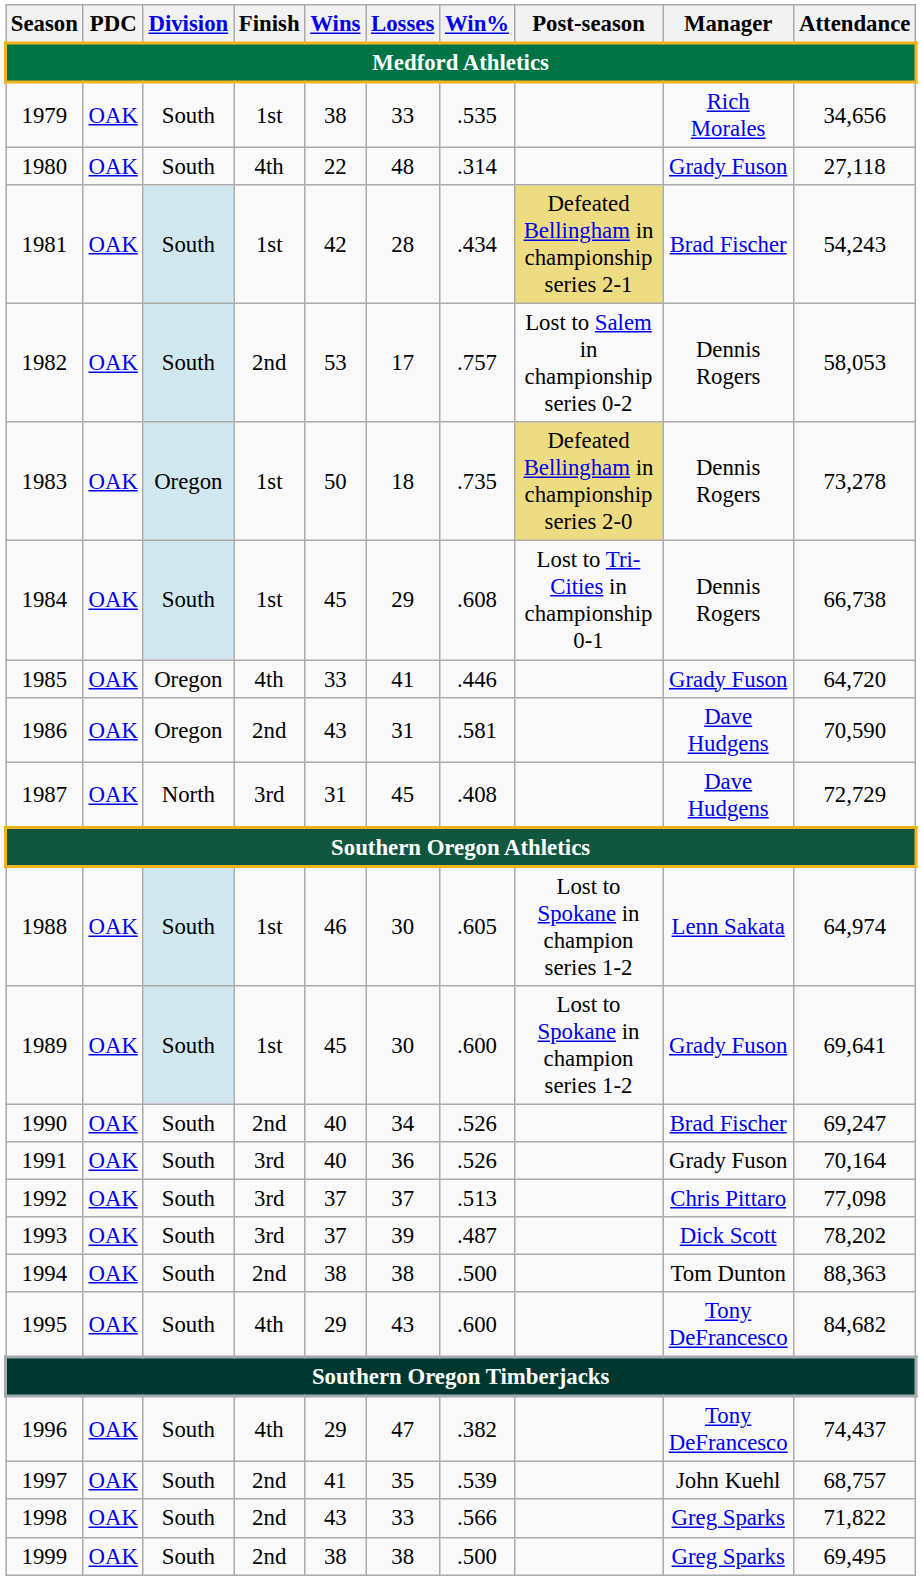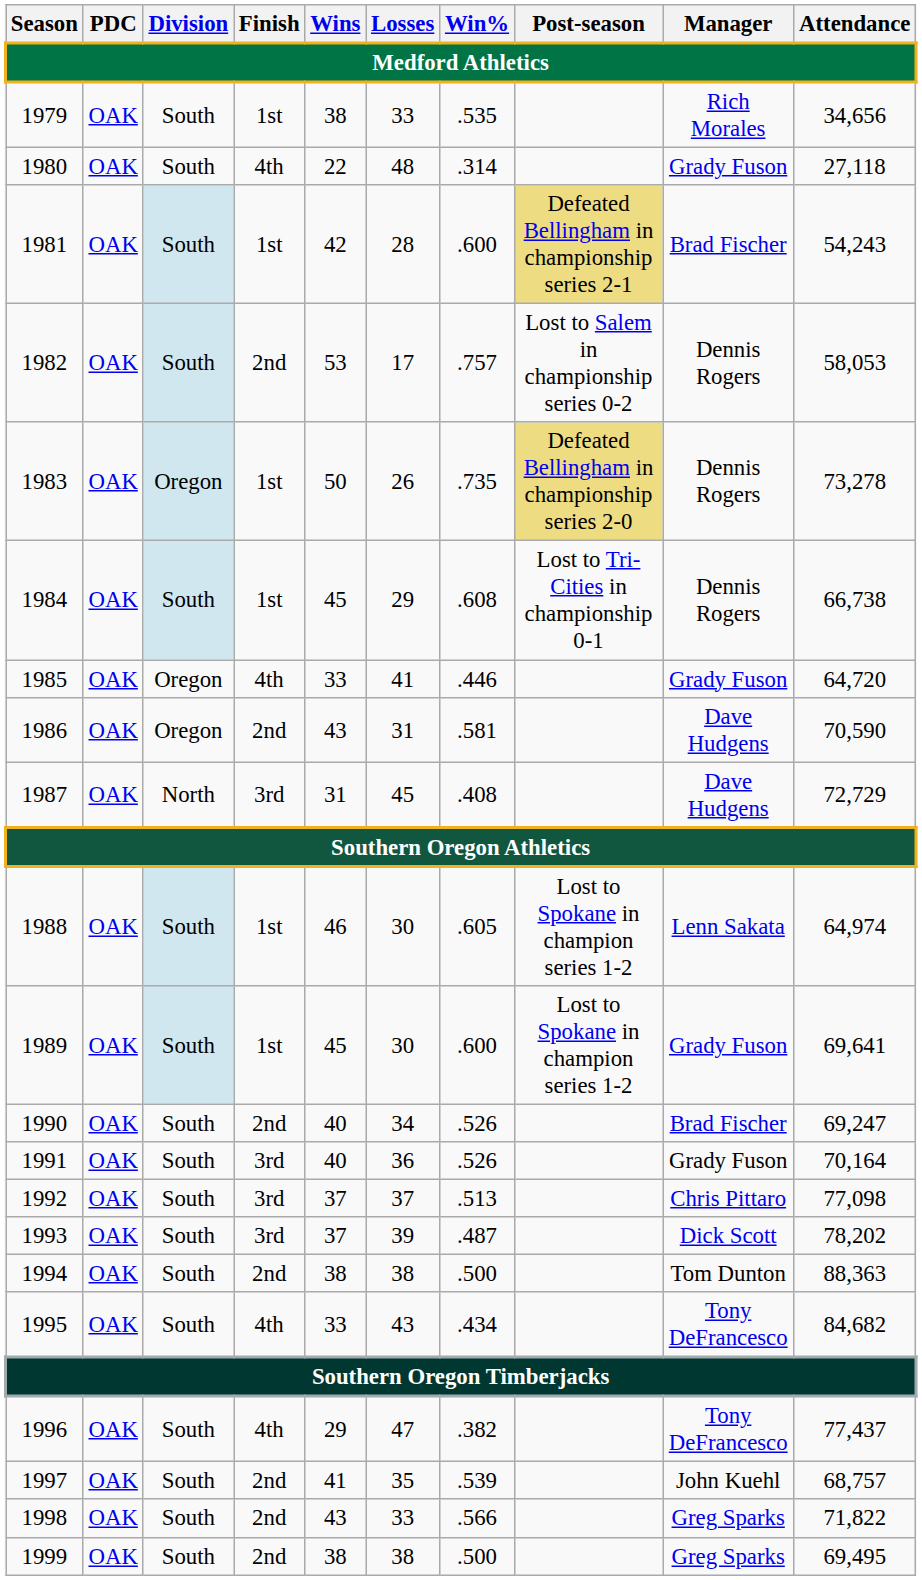 <table class="wikitable" style="text-align:center; font-size:95%">
 <tr>
 <th scope="col">Season</th>
 <th scope="col">PDC</th>
 <th scope="col"><a href='#'>Division</a></th>
 <th scope="col">Finish</th>
 <th scope="col"><a href='#'>Wins</a></th>
 <th scope="col"><a href='#'>Losses</a></th>
 <th scope="col"><a href='#'>Win%</a></th>
 <th scope="col">Post-season</th>
 <th scope="col">Manager</th>
 <th scope="col">Attendance</th>
 </tr>
 <tr>
 <td align="center" colspan="11" style="background: #007444; color: white; border:2px solid #EFB21E"><strong>Medford Athletics</strong></td>
 </tr>
 <tr>
 <td>1979</td>
 <td><a href='#'>OAK</a></td>
 <td>South</td>
 <td>1st</td>
 <td>38</td>
 <td>33</td>
 <td>.535</td>
 <td></td>
 <td><a href='#'>Rich Morales</a></td>
 <td>34,656</td>
 </tr>
 <tr>
 <td>1980</td>
 <td><a href='#'>OAK</a></td>
 <td>South</td>
 <td>4th</td>
 <td>22</td>
 <td>48</td>
 <td>.314</td>
 <td></td>
 <td><a href='#'>Grady Fuson</a></td>
 <td>27,118</td>
 </tr>
 <tr>
 <td>1981</td>
 <td><a href='#'>OAK</a></td>
 <td bgcolor="#Dr0E7FF">South</td>
 <td>1st</td>
 <td>42</td>
 <td>28</td>
-<td>.434</td>
+<td>.600</td>
 <td bgcolor="#EEDC82">Defeated <a href='#'>Bellingham</a> in championship series 2-1</td>
 <td><a href='#'>Brad Fischer</a></td>
 <td>54,243</td>
 </tr>
 <tr>
 <td>1982</td>
 <td><a href='#'>OAK</a></td>
 <td bgcolor="#Dr0E7FF">South</td>
 <td>2nd</td>
 <td>53</td>
 <td>17</td>
 <td>.757</td>
 <td>Lost to <a href='#'>Salem</a> in championship series 0-2</td>
 <td>Dennis Rogers</td>
 <td>58,053</td>
 </tr>
 <tr>
 <td>1983</td>
 <td><a href='#'>OAK</a></td>
 <td bgcolor="#Dr0E7FF">Oregon</td>
 <td>1st</td>
 <td>50</td>
-<td>18</td>
+<td>26</td>
 <td>.735</td>
 <td bgcolor="#EEDC82">Defeated <a href='#'>Bellingham</a> in championship series 2-0</td>
 <td>Dennis Rogers</td>
 <td>73,278</td>
 </tr>
 <tr>
 <td>1984</td>
 <td><a href='#'>OAK</a></td>
 <td bgcolor="#Dr0E7FF">South</td>
 <td>1st</td>
 <td>45</td>
 <td>29</td>
 <td>.608</td>
 <td>Lost to <a href='#'>Tri-Cities</a> in championship  0-1</td>
 <td>Dennis Rogers</td>
 <td>66,738</td>
 </tr>
 <tr>
 <td>1985</td>
 <td><a href='#'>OAK</a></td>
 <td>Oregon</td>
 <td>4th</td>
 <td>33</td>
 <td>41</td>
 <td>.446</td>
 <td></td>
 <td><a href='#'>Grady Fuson</a></td>
 <td>64,720</td>
 </tr>
 <tr>
 <td>1986</td>
 <td><a href='#'>OAK</a></td>
 <td>Oregon</td>
 <td>2nd</td>
 <td>43</td>
 <td>31</td>
 <td>.581</td>
 <td></td>
 <td><a href='#'>Dave Hudgens</a></td>
 <td>70,590</td>
 </tr>
 <tr>
 <td>1987</td>
 <td><a href='#'>OAK</a></td>
 <td>North</td>
 <td>3rd</td>
 <td>31</td>
 <td>45</td>
 <td>.408</td>
 <td></td>
 <td><a href='#'>Dave Hudgens</a></td>
 <td>72,729</td>
 </tr>
 <tr>
 <td align="center" colspan="11" style="background: #115740; color: white; border:2px solid #EFB21E"><strong>Southern Oregon Athletics</strong></td>
 </tr>
 <tr>
 <td>1988</td>
 <td><a href='#'>OAK</a></td>
 <td bgcolor="#Dr0E7FF">South</td>
 <td>1st</td>
 <td>46</td>
 <td>30</td>
 <td>.605</td>
 <td>Lost to <a href='#'>Spokane</a> in champion series 1-2</td>
 <td><a href='#'>Lenn Sakata</a></td>
 <td>64,974</td>
 </tr>
 <tr>
 <td>1989</td>
 <td><a href='#'>OAK</a></td>
 <td bgcolor="#Dr0E7FF">South</td>
 <td>1st</td>
 <td>45</td>
 <td>30</td>
 <td>.600</td>
 <td>Lost to <a href='#'>Spokane</a> in champion series 1-2</td>
 <td><a href='#'>Grady Fuson</a></td>
 <td>69,641</td>
 </tr>
 <tr>
 <td>1990</td>
 <td><a href='#'>OAK</a></td>
 <td>South</td>
 <td>2nd</td>
 <td>40</td>
 <td>34</td>
 <td>.526</td>
 <td></td>
 <td><a href='#'>Brad Fischer</a></td>
 <td>69,247</td>
 </tr>
 <tr>
 <td>1991</td>
 <td><a href='#'>OAK</a></td>
 <td>South</td>
 <td>3rd</td>
 <td>40</td>
 <td>36</td>
 <td>.526</td>
 <td></td>
 <td>Grady Fuson</td>
 <td>70,164</td>
 </tr>
 <tr>
 <td>1992</td>
 <td><a href='#'>OAK</a></td>
 <td>South</td>
 <td>3rd</td>
 <td>37</td>
 <td>37</td>
 <td>.513</td>
 <td></td>
 <td><a href='#'>Chris Pittaro</a></td>
 <td>77,098</td>
 </tr>
 <tr>
 <td>1993</td>
 <td><a href='#'>OAK</a></td>
 <td>South</td>
 <td>3rd</td>
 <td>37</td>
 <td>39</td>
 <td>.487</td>
 <td></td>
 <td><a href='#'>Dick Scott</a></td>
 <td>78,202</td>
 </tr>
 <tr>
 <td>1994</td>
 <td><a href='#'>OAK</a></td>
 <td>South</td>
 <td>2nd</td>
 <td>38</td>
 <td>38</td>
 <td>.500</td>
 <td></td>
 <td>Tom Dunton</td>
 <td>88,363</td>
 </tr>
 <tr>
 <td>1995</td>
 <td><a href='#'>OAK</a></td>
 <td>South</td>
 <td>4th</td>
-<td>29</td>
+<td>33</td>
 <td>43</td>
-<td>.600</td>
+<td>.434</td>
 <td></td>
 <td><a href='#'>Tony DeFrancesco</a></td>
 <td>84,682</td>
 </tr>
 <tr>
 <td align="center" colspan="11" style="background: #003831; color: white; border:2px solid #A2AAAD"><strong>Southern Oregon Timberjacks</strong></td>
 </tr>
 <tr>
 <td>1996</td>
 <td><a href='#'>OAK</a></td>
 <td>South</td>
 <td>4th</td>
 <td>29</td>
 <td>47</td>
 <td>.382</td>
 <td></td>
 <td><a href='#'>Tony DeFrancesco</a></td>
-<td>74,437</td>
+<td>77,437</td>
 </tr>
 <tr>
 <td>1997</td>
 <td><a href='#'>OAK</a></td>
 <td>South</td>
 <td>2nd</td>
 <td>41</td>
 <td>35</td>
 <td>.539</td>
 <td></td>
 <td>John Kuehl</td>
 <td>68,757</td>
 </tr>
 <tr>
 <td>1998</td>
 <td><a href='#'>OAK</a></td>
 <td>South</td>
 <td>2nd</td>
 <td>43</td>
 <td>33</td>
 <td>.566</td>
 <td></td>
 <td><a href='#'>Greg Sparks</a></td>
 <td>71,822</td>
 </tr>
 <tr>
 <td>1999</td>
 <td><a href='#'>OAK</a></td>
 <td>South</td>
 <td>2nd</td>
 <td>38</td>
 <td>38</td>
 <td>.500</td>
 <td></td>
 <td><a href='#'>Greg Sparks</a></td>
 <td>69,495</td>
 </tr>
 </table>
